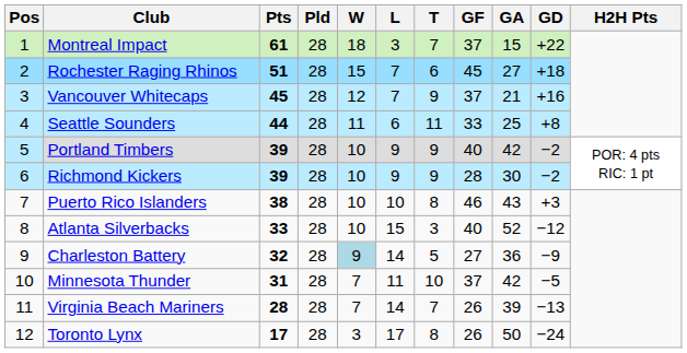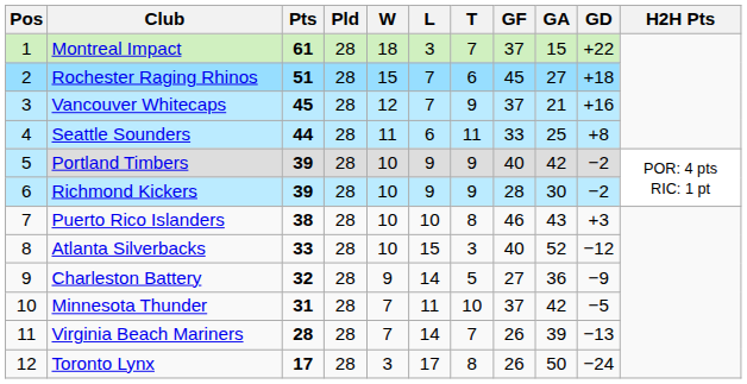 <table class="wikitable" style="text-align:center">
 <tr>
 <th width=30>Pos</th>
 <th width=200>Club</th>
 <th width=30>Pts</th>
 <th width=30>Pld</th>
 <th width=30>W</th>
 <th width=30>L</th>
 <th width=30>T</th>
 <th width=30>GF</th>
 <th width=30>GA</th>
 <th width=30>GD</th>
 <th width=100>H2H Pts</th>
 </tr>
 <tr bgcolor=#D0F0C0>
 <td>1</td>
 <td align="left"><a href='#'>Montreal Impact</a></td>
 <td><strong>61</strong></td>
 <td>28</td>
 <td>18</td>
 <td>3</td>
 <td>7</td>
 <td>37</td>
 <td>15</td>
 <td>+22</td>
 </tr>
 <tr bgcolor=#97DEFF>
 <td>2</td>
 <td align="left"><a href='#'>Rochester Raging Rhinos</a></td>
 <td><strong>51</strong></td>
 <td>28</td>
 <td>15</td>
 <td>7</td>
 <td>6</td>
 <td>45</td>
 <td>27</td>
 <td>+18</td>
 </tr>
 <tr bgcolor=#BBEBFF>
 <td>3</td>
 <td align="left"><a href='#'>Vancouver Whitecaps</a></td>
 <td><strong>45</strong></td>
 <td>28</td>
 <td>12</td>
 <td>7</td>
 <td>9</td>
 <td>37</td>
 <td>21</td>
 <td>+16</td>
 </tr>
 <tr bgcolor=#BBEBFF>
 <td>4</td>
 <td align="left"><a href='#'>Seattle Sounders</a></td>
 <td><strong>44</strong></td>
 <td>28</td>
 <td>11</td>
 <td>6</td>
 <td>11</td>
 <td>33</td>
 <td>25</td>
 <td>+8</td>
 </tr>
 <tr bgcolor=#DDDDDD>
 <td bgcolor=#BBEBFF>5</td>
 <td align="left"><a href='#'>Portland Timbers</a></td>
 <td><strong>39</strong></td>
 <td>28</td>
 <td>10</td>
 <td>9</td>
 <td>9</td>
 <td>40</td>
 <td>42</td>
 <td>−2</td>
 <td rowspan="2" bgcolor="FFFFFF"><small>POR: 4 pts<br>RIC: 1 pt</small></td>
 </tr>
 <tr bgcolor=#BBEBFF>
 <td>6</td>
 <td align="left"><a href='#'>Richmond Kickers</a></td>
 <td><strong>39</strong></td>
 <td>28</td>
 <td>10</td>
 <td>9</td>
 <td>9</td>
 <td>28</td>
 <td>30</td>
 <td>−2</td>
 </tr>
 <tr>
 <td>7</td>
 <td align="left"><a href='#'>Puerto Rico Islanders</a></td>
 <td><strong>38</strong></td>
 <td>28</td>
 <td>10</td>
 <td>10</td>
 <td>8</td>
 <td>46</td>
 <td>43</td>
 <td>+3</td>
 </tr>
 <tr>
 <td>8</td>
 <td align="left"><a href='#'>Atlanta Silverbacks</a></td>
 <td><strong>33</strong></td>
 <td>28</td>
 <td>10</td>
 <td>15</td>
 <td>3</td>
 <td>40</td>
 <td>52</td>
 <td>−12</td>
 </tr>
 <tr>
 <td>9</td>
 <td align="left"><a href='#'>Charleston Battery</a></td>
 <td><strong>32</strong></td>
 <td>28</td>
-<td style="background: lightblue;">9</td>
+<td>9</td>
 <td>14</td>
 <td>5</td>
 <td>27</td>
 <td>36</td>
 <td>−9</td>
 </tr>
 <tr>
 <td>10</td>
 <td align="left"><a href='#'>Minnesota Thunder</a></td>
 <td><strong>31</strong></td>
 <td>28</td>
 <td>7</td>
 <td>11</td>
 <td>10</td>
 <td>37</td>
 <td>42</td>
 <td>−5</td>
 </tr>
 <tr>
 <td>11</td>
 <td align="left"><a href='#'>Virginia Beach Mariners</a></td>
 <td><strong>28</strong></td>
 <td>28</td>
 <td>7</td>
 <td>14</td>
 <td>7</td>
 <td>26</td>
 <td>39</td>
 <td>−13</td>
 </tr>
 <tr>
 <td>12</td>
 <td align="left"><a href='#'>Toronto Lynx</a></td>
 <td><strong>17</strong></td>
 <td>28</td>
 <td>3</td>
 <td>17</td>
 <td>8</td>
 <td>26</td>
 <td>50</td>
 <td>−24</td>
 </tr>
 </table>
